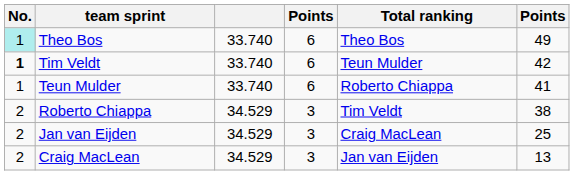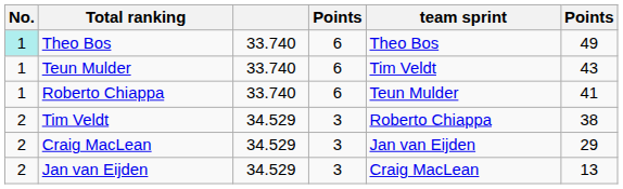 <table class="wikitable">
 <tr>
 <th width="20px">No.</th>
-<th width="200px">team sprint</th>
+<th width="200px">Total ranking</th>
 <th width="70px"></th>
 <th width="40px">Points</th>
-<th width="200px">Total ranking</th>
+<th width="200px">team sprint</th>
 <th width="40px">Points</th>
 </tr>
 <tr align=center>
 <td style="background: paleturquoise;">1</td>
 <td align=left> <a href='#'>Theo Bos</a></td>
 <td>33.740</td>
 <td>6</td>
 <td align=left> <a href='#'>Theo Bos</a></td>
 <td>49</td>
 </tr>
 <tr align=center>
-<td><strong>1</strong></td>
-<td align=left> <a href='#'>Tim Veldt</a></td>
-<td>33.740</td>
-<td>6</td>
-<td align=left> <a href='#'>Teun Mulder</a></td>
-<td>42</td>
-</tr>
-<tr align=center>
 <td>1</td>
 <td align=left> <a href='#'>Teun Mulder</a></td>
 <td>33.740</td>
 <td>6</td>
+<td align=left> <a href='#'>Tim Veldt</a></td>
+<td>43</td>
+</tr>
+<tr align=center>
+<td>1</td>
 <td align=left> <a href='#'>Roberto Chiappa</a></td>
+<td>33.740</td>
+<td>6</td>
+<td align=left> <a href='#'>Teun Mulder</a></td>
 <td>41</td>
 </tr>
 <tr align=center>
 <td>2</td>
-<td align=left> <a href='#'>Roberto Chiappa</a></td>
+<td align=left> <a href='#'>Tim Veldt</a></td>
 <td>34.529</td>
 <td>3</td>
-<td align=left> <a href='#'>Tim Veldt</a></td>
+<td align=left> <a href='#'>Roberto Chiappa</a></td>
 <td>38</td>
+</tr>
+<tr align=center>
+<td>2</td>
+<td align=left> <a href='#'>Craig MacLean</a></td>
+<td>34.529</td>
+<td>3</td>
+<td align=left> <a href='#'>Jan van Eijden</a></td>
+<td>29</td>
 </tr>
 <tr align=center>
 <td>2</td>
 <td align=left> <a href='#'>Jan van Eijden</a></td>
 <td>34.529</td>
 <td>3</td>
 <td align=left> <a href='#'>Craig MacLean</a></td>
-<td>25</td>
-</tr>
-<tr align=center>
-<td>2</td>
-<td align=left> <a href='#'>Craig MacLean</a></td>
-<td>34.529</td>
-<td>3</td>
-<td align=left> <a href='#'>Jan van Eijden</a></td>
 <td>13</td>
 </tr>
 </table>
